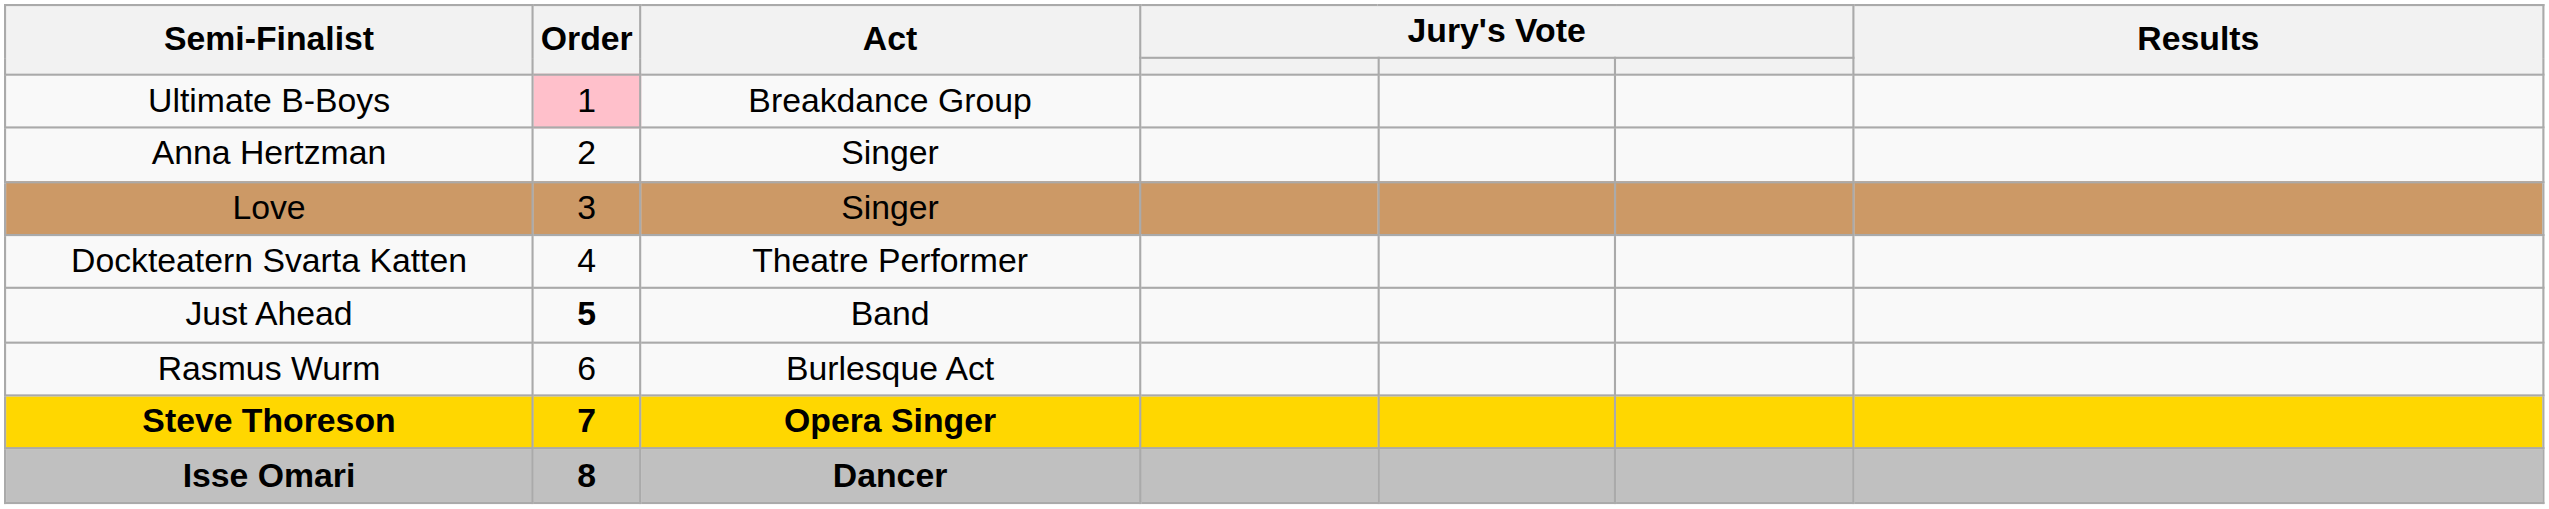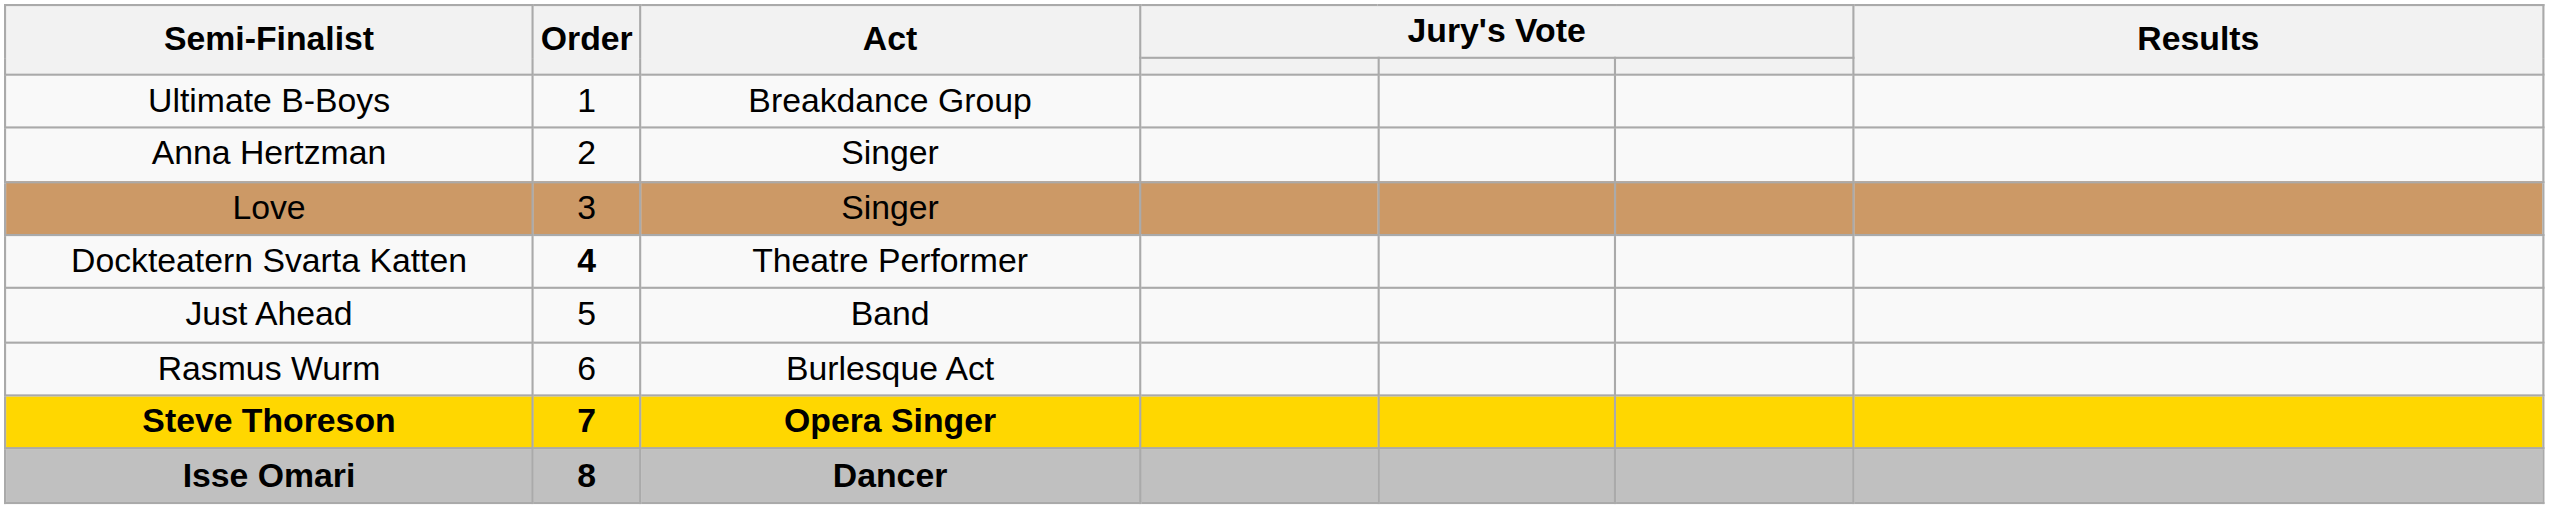 <table class="wikitable plainrowheaders sortable" style="text-align:center" width="76%;">
 <tr>
 <th scope="col" rowspan="2" class="unsortable" style="width:17em;">Semi-Finalist</th>
 <th scope="col" rowspan="2" style="width:1em;">Order</th>
 <th scope="col" rowspan="2" class="unsortable" style="width:16em;">Act</th>
 <th scope="col" colspan="3" class="unsortable" style="width:24em;">Jury's Vote</th>
 <th scope="col" rowspan="2" style="width:23em;">Results</th>
 </tr>
 <tr>
 <th scope="col" class="unsortable" style="width:6em;"></th>
 <th scope="col" class="unsortable" style="width:6em;"></th>
 <th scope="col" class="unsortable" style="width:6em;"></th>
 </tr>
 <tr>
 <td>Ultimate B-Boys</td>
-<td style="background: pink;">1</td>
+<td>1</td>
 <td>Breakdance Group</td>
 <td style="text-align:center;"></td>
 <td style="text-align:center;"></td>
 <td style="text-align:center;"></td>
 <td></td>
 </tr>
 <tr>
 <td>Anna Hertzman</td>
 <td>2</td>
 <td>Singer</td>
 <td style="text-align:center;"></td>
 <td style="text-align:center;"></td>
 <td style="text-align:center;"></td>
 <td></td>
 </tr>
 <tr style="background:#c96;">
 <td>Love</td>
 <td>3</td>
 <td>Singer</td>
 <td style="text-align:center;"></td>
 <td style="text-align:center;"></td>
 <td style="text-align:center;"></td>
 <td><strong></strong></td>
 </tr>
 <tr>
 <td>Dockteatern Svarta Katten</td>
-<td>4</td>
+<td><strong>4</strong></td>
 <td>Theatre Performer</td>
 <td style="text-align:center;"></td>
 <td style="text-align:center;"></td>
 <td style="text-align:center;"></td>
 <td></td>
 </tr>
 <tr>
 <td>Just Ahead</td>
-<td><strong>5</strong></td>
+<td>5</td>
 <td>Band</td>
 <td style="text-align:center;"></td>
 <td style="text-align:center;"></td>
 <td style="text-align:center;"></td>
 <td></td>
 </tr>
 <tr>
 <td>Rasmus Wurm</td>
 <td>6</td>
 <td>Burlesque Act</td>
 <td style="text-align:center;"></td>
 <td style="text-align:center;"></td>
 <td style="text-align:center;"></td>
 <td></td>
 </tr>
 <tr style="background:gold;">
 <td><strong>Steve Thoreson</strong></td>
 <td><strong>7</strong></td>
 <td><strong>Opera Singer</strong></td>
 <td style="text-align:center;"></td>
 <td style="text-align:center;"></td>
 <td style="text-align:center;"></td>
 <td><strong></strong></td>
 </tr>
 <tr style="background:silver;">
 <td><strong>Isse Omari</strong></td>
 <td><strong>8</strong></td>
 <td><strong>Dancer</strong></td>
 <td style="text-align:center;"></td>
 <td style="text-align:center;"></td>
 <td style="text-align:center;"></td>
 <td><strong></strong></td>
 </tr>
 </table>
